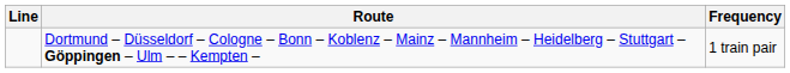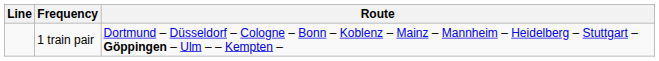 <table class="wikitable">
 <tr>
 <th>Line</th>
+<th>Frequency</th>
 <th>Route</th>
-<th>Frequency</th>
 </tr>
 <tr>
 <td></td>
+<td>1 train pair</td>
 <td><a href='#'>Dortmund</a> – <a href='#'>Düsseldorf</a> – <a href='#'>Cologne</a> – <a href='#'>Bonn</a> – <a href='#'>Koblenz</a> – <a href='#'>Mainz</a> – <a href='#'>Mannheim</a> – <a href='#'>Heidelberg</a> – <a href='#'>Stuttgart</a> – <strong>Göppingen</strong> – <a href='#'>Ulm</a> –  – <a href='#'>Kempten</a> – </td>
-<td>1 train pair</td>
 </tr>
 </table>
